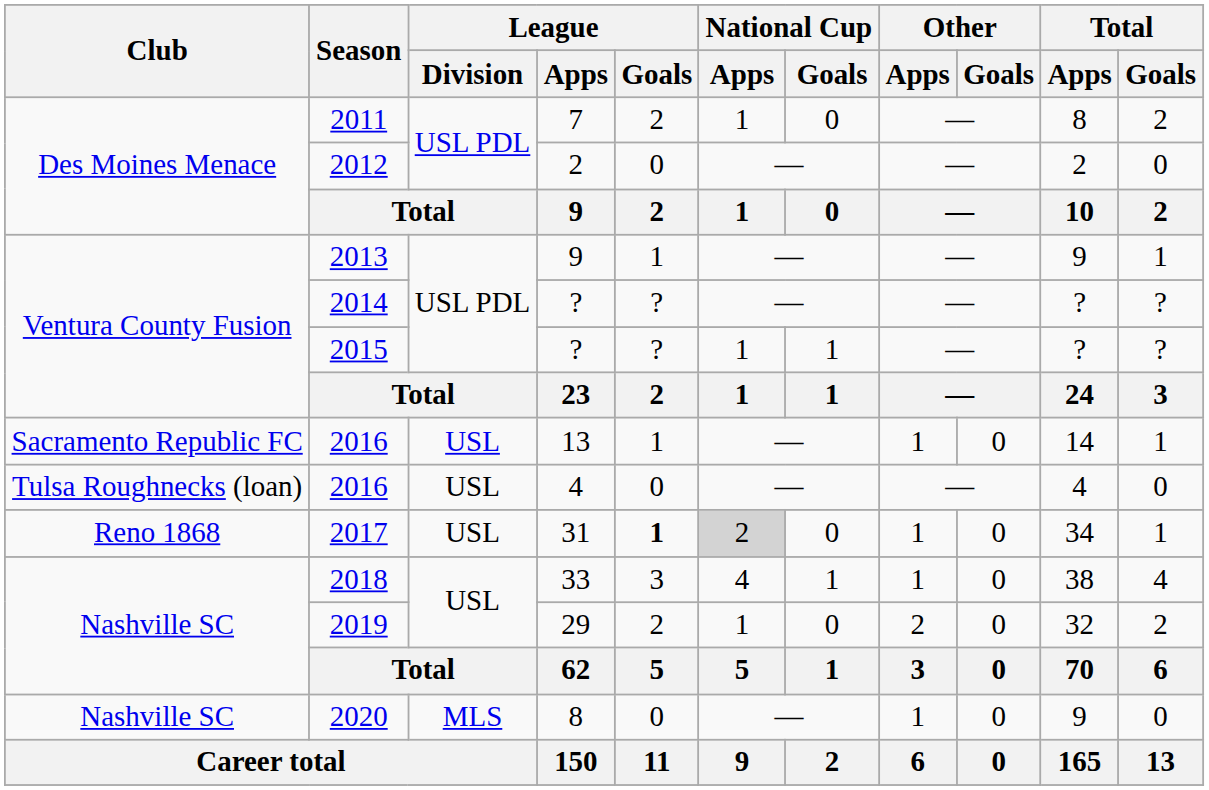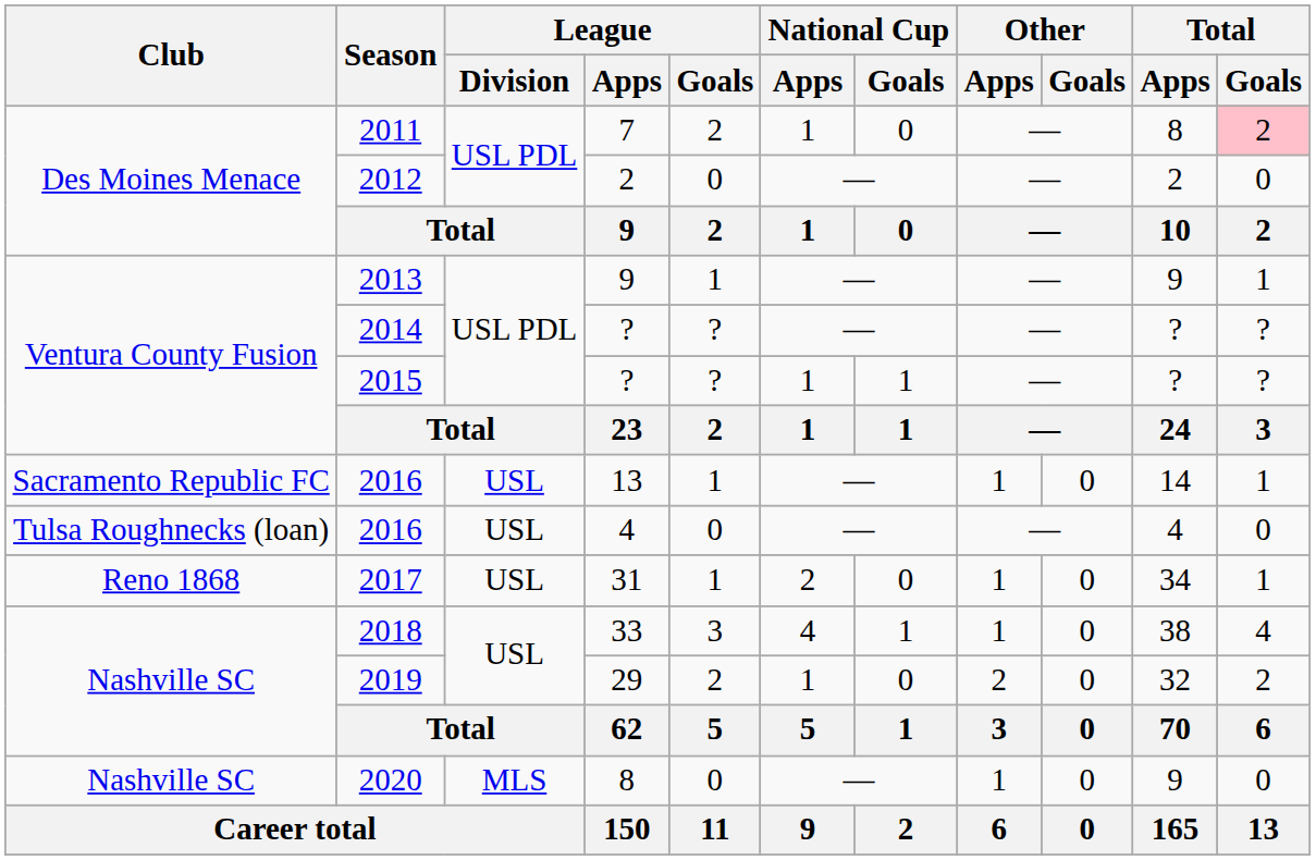 <table class="wikitable" style="text-align:center">
 <tr>
 <th rowspan="2">Club</th>
 <th rowspan="2">Season</th>
 <th colspan="3">League</th>
 <th colspan="2">National Cup</th>
 <th colspan="2">Other</th>
 <th colspan="2">Total</th>
 </tr>
 <tr>
 <th>Division</th>
 <th>Apps</th>
 <th>Goals</th>
 <th>Apps</th>
 <th>Goals</th>
 <th>Apps</th>
 <th>Goals</th>
 <th>Apps</th>
 <th>Goals</th>
 </tr>
 <tr>
 <td rowspan="3"><a href='#'>Des Moines Menace</a></td>
 <td><a href='#'>2011</a></td>
 <td rowspan="2"><a href='#'>USL PDL</a></td>
 <td>7</td>
 <td>2</td>
 <td>1</td>
 <td>0</td>
 <td colspan="2">—</td>
 <td>8</td>
-<td>2</td>
+<td style="background: pink;">2</td>
 </tr>
 <tr>
 <td><a href='#'>2012</a></td>
 <td>2</td>
 <td>0</td>
 <td colspan="2">—</td>
 <td colspan="2">—</td>
 <td>2</td>
 <td>0</td>
 </tr>
 <tr>
 <th colspan="2">Total</th>
 <th>9</th>
 <th>2</th>
 <th>1</th>
 <th>0</th>
 <th colspan="2">—</th>
 <th>10</th>
 <th>2</th>
 </tr>
 <tr>
 <td rowspan="4"><a href='#'>Ventura County Fusion</a></td>
 <td><a href='#'>2013</a></td>
 <td rowspan="3">USL PDL</td>
 <td>9</td>
 <td>1</td>
 <td colspan="2">—</td>
 <td colspan="2">—</td>
 <td>9</td>
 <td>1</td>
 </tr>
 <tr>
 <td><a href='#'>2014</a></td>
 <td>?</td>
 <td>?</td>
 <td colspan="2">—</td>
 <td colspan="2">—</td>
 <td>?</td>
 <td>?</td>
 </tr>
 <tr>
 <td><a href='#'>2015</a></td>
 <td>?</td>
 <td>?</td>
 <td>1</td>
 <td>1</td>
 <td colspan="2">—</td>
 <td>?</td>
 <td>?</td>
 </tr>
 <tr>
 <th colspan="2">Total</th>
 <th>23</th>
 <th>2</th>
 <th>1</th>
 <th>1</th>
 <th colspan="2">—</th>
 <th>24</th>
 <th>3</th>
 </tr>
 <tr>
 <td><a href='#'>Sacramento Republic FC</a></td>
 <td><a href='#'>2016</a></td>
 <td><a href='#'>USL</a></td>
 <td>13</td>
 <td>1</td>
 <td colspan="2">—</td>
 <td>1</td>
 <td>0</td>
 <td>14</td>
 <td>1</td>
 </tr>
 <tr>
 <td><a href='#'>Tulsa Roughnecks</a> (loan)</td>
 <td><a href='#'>2016</a></td>
 <td>USL</td>
 <td>4</td>
 <td>0</td>
 <td colspan="2">—</td>
 <td colspan="2">—</td>
 <td>4</td>
 <td>0</td>
 </tr>
 <tr>
 <td><a href='#'>Reno 1868</a></td>
 <td><a href='#'>2017</a></td>
 <td>USL</td>
 <td>31</td>
-<td><strong>1</strong></td>
-<td style="background: lightgrey;">2</td>
+<td>1</td>
+<td>2</td>
 <td>0</td>
 <td>1</td>
 <td>0</td>
 <td>34</td>
 <td>1</td>
 </tr>
 <tr>
 <td rowspan="3"><a href='#'>Nashville SC</a></td>
 <td><a href='#'>2018</a></td>
 <td rowspan="2">USL</td>
 <td>33</td>
 <td>3</td>
 <td>4</td>
 <td>1</td>
 <td>1</td>
 <td>0</td>
 <td>38</td>
 <td>4</td>
 </tr>
 <tr>
 <td><a href='#'>2019</a></td>
 <td>29</td>
 <td>2</td>
 <td>1</td>
 <td>0</td>
 <td>2</td>
 <td>0</td>
 <td>32</td>
 <td>2</td>
 </tr>
 <tr>
 <th colspan="2">Total</th>
 <th>62</th>
 <th>5</th>
 <th>5</th>
 <th>1</th>
 <th>3</th>
 <th>0</th>
 <th>70</th>
 <th>6</th>
 </tr>
 <tr>
 <td><a href='#'>Nashville SC</a></td>
 <td><a href='#'>2020</a></td>
 <td><a href='#'>MLS</a></td>
 <td>8</td>
 <td>0</td>
 <td colspan="2">—</td>
 <td>1</td>
 <td>0</td>
 <td>9</td>
 <td>0</td>
 </tr>
 <tr>
 <th colspan="3">Career total</th>
 <th>150</th>
 <th>11</th>
 <th>9</th>
 <th>2</th>
 <th>6</th>
 <th>0</th>
 <th>165</th>
 <th>13</th>
 </tr>
 </table>
